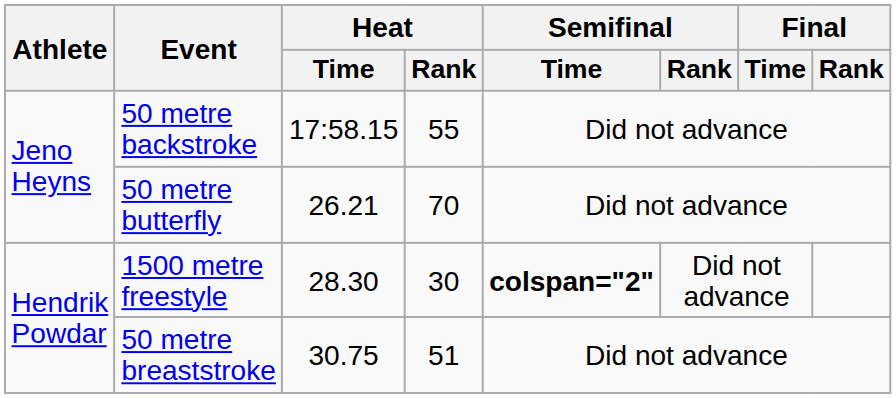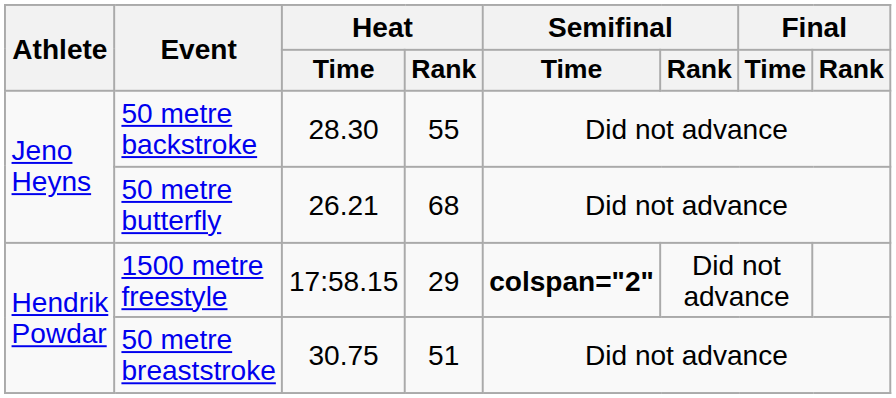 <table class="wikitable" style="text-align:center; font-size:90%; width:50%;">
 <tr>
 <th rowspan="2">Athlete</th>
 <th rowspan="2">Event</th>
 <th colspan="2">Heat</th>
 <th colspan="2">Semifinal</th>
 <th colspan="2">Final</th>
 </tr>
 <tr style="font-size:95%">
 <th>Time</th>
 <th>Rank</th>
 <th>Time</th>
 <th>Rank</th>
 <th>Time</th>
 <th>Rank</th>
 </tr>
 <tr>
 <td align=left rowspan=2><a href='#'>Jeno Heyns</a></td>
 <td align=left><a href='#'>50 metre backstroke</a></td>
-<td>17:58.15</td>
+<td>28.30</td>
 <td>55</td>
 <td colspan=4>Did not advance</td>
 </tr>
 <tr>
 <td align=left><a href='#'>50 metre butterfly</a></td>
 <td>26.21</td>
-<td>70</td>
+<td>68</td>
 <td colspan=4>Did not advance</td>
 </tr>
 <tr>
 <td align=left rowspan=2><a href='#'>Hendrik Powdar</a></td>
 <td align=left><a href='#'>1500 metre freestyle</a></td>
-<td>28.30</td>
-<td>30</td>
+<td>17:58.15</td>
+<td>29</td>
 <td><strong>colspan="2" </strong></td>
 <td colspan="2">Did not advance</td>
 </tr>
 <tr>
 <td align=left><a href='#'>50 metre breaststroke</a></td>
 <td>30.75</td>
 <td>51</td>
 <td colspan=4>Did not advance</td>
 </tr>
 </table>
